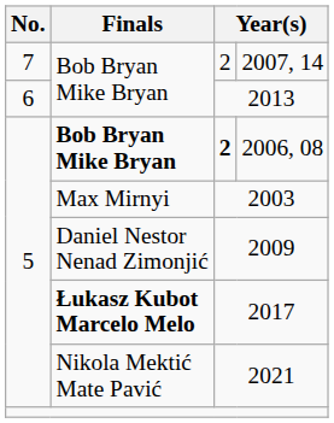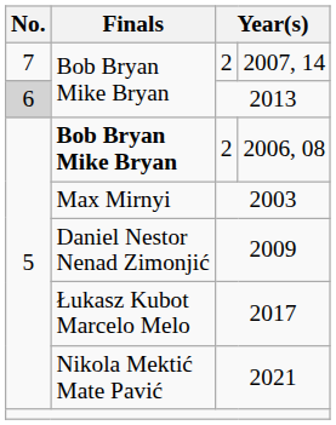 <table class="wikitable nowrap" style="text-align:center; display:inline-table">
 <tr>
 <th scope="col" style="width:20">No.</th>
 <th scope="col">Finals</th>
 <th scope="col" colspan=2>Year(s)</th>
 </tr>
 <tr>
 <td>7</td>
 <td rowspan=2 style="text-align: left;"> Bob Bryan<br> Mike Bryan</td>
 <td>2</td>
 <td>2007, 14</td>
 </tr>
 <tr>
-<td>6</td>
+<td style="background: lightgrey;">6</td>
 <td colspan=2>2013</td>
 </tr>
 <tr>
 <td rowspan="5">5</td>
 <td style="text-align: left;"><strong> Bob Bryan<br> Mike Bryan</strong></td>
-<td><strong>2</strong></td>
+<td>2</td>
 <td>2006, 08</td>
 </tr>
 <tr>
 <td style="text-align: left;"> Max Mirnyi</td>
 <td colspan="2">2003</td>
 </tr>
 <tr>
 <td style="text-align: left;"> Daniel Nestor<br> Nenad Zimonjić</td>
 <td colspan=2>2009</td>
 </tr>
 <tr>
-<td style="text-align: left;"><strong> Łukasz Kubot <br> Marcelo Melo</strong></td>
+<td style="text-align: left;"> Łukasz Kubot <br> Marcelo Melo</td>
 <td colspan=2>2017</td>
 </tr>
 <tr>
 <td style="text-align: left;"> Nikola Mektić <br> Mate Pavić</td>
 <td colspan=2>2021</td>
 </tr>
 <tr>
 <td colspan="4"></td>
 </tr>
 </table>
